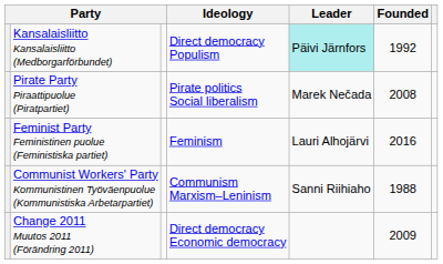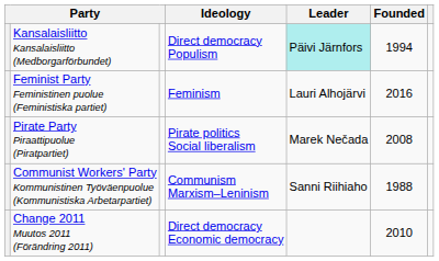 <table class="wikitable sortable">
 <tr>
 <th colspan="3">Party</th>
 <th>Ideology</th>
 <th>Leader</th>
 <th>Founded</th>
 <th scope="col" class="unsortable"></th>
 </tr>
 <tr>
 <th style="background-color: "></th>
 <td><a href='#'>Kansalaisliitto</a><br><em><small>Kansalaisliitto</small></em><br><em><small>(Medborgarförbundet)</small></em></td>
 <td valign="center" align="center"><em></em></td>
 <td><a href='#'>Direct democracy</a><br><a href='#'>Populism</a></td>
 <td style="background: paleturquoise;">Päivi Järnfors</td>
-<td valign="center" align="center">1992</td>
+<td valign="center" align="center">1994</td>
+<td></td>
+</tr>
+<tr>
+<th style="background-color: "></th>
+<td><a href='#'>Feminist Party</a><br><em><small>Feministinen puolue</small></em><br><em><small>(Feministiska partiet)</small></em></td>
+<td valign="center" align="center"><em></em></td>
+<td><a href='#'>Feminism</a></td>
+<td>Lauri Alhojärvi</td>
+<td valign="center" align="center">2016</td>
 <td></td>
 </tr>
 <tr>
 <th style="background-color: "></th>
 <td><a href='#'>Pirate Party</a><br><em><small>Piraattipuolue</small></em><br><em><small>(Piratpartiet)</small></em></td>
 <td valign="center" align="center"><em></em></td>
 <td><a href='#'>Pirate politics</a><br><a href='#'>Social liberalism</a></td>
 <td>Marek Nečada</td>
 <td valign="center" align="center">2008</td>
-<td></td>
-</tr>
-<tr>
-<th style="background-color: "></th>
-<td><a href='#'>Feminist Party</a><br><em><small>Feministinen puolue</small></em><br><em><small>(Feministiska partiet)</small></em></td>
-<td valign="center" align="center"><em></em></td>
-<td><a href='#'>Feminism</a></td>
-<td>Lauri Alhojärvi</td>
-<td valign="center" align="center">2016</td>
 <td></td>
 </tr>
 <tr>
 <th style="background-color: "></th>
 <td><a href='#'>Communist Workers' Party</a><br><em><small>Kommunistinen Työväenpuolue</small></em><br><em><small>(Kommunistiska Arbetarpartiet)</small></em></td>
 <td valign="center" align="center"><em></em></td>
 <td><a href='#'>Communism</a><br><a href='#'>Marxism–Leninism</a></td>
 <td>Sanni Riihiaho</td>
 <td valign="center" align="center">1988</td>
 <td></td>
 </tr>
 <tr>
 <th style="background-color: "></th>
 <td><a href='#'>Change 2011</a><br><small><em>Muutos 2011</em></small><br><small><em>(Förändring 2011)</em></small></td>
 <td valign="center" align="center"><em></em></td>
 <td><a href='#'>Direct democracy</a><br><a href='#'>Economic democracy</a></td>
 <td></td>
-<td valign="center" align="center">2009</td>
+<td valign="center" align="center">2010</td>
 <td></td>
 </tr>
 </table>
